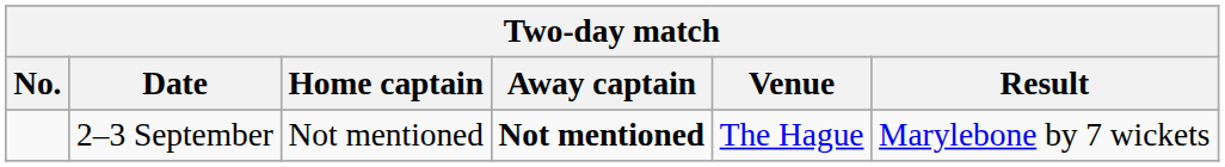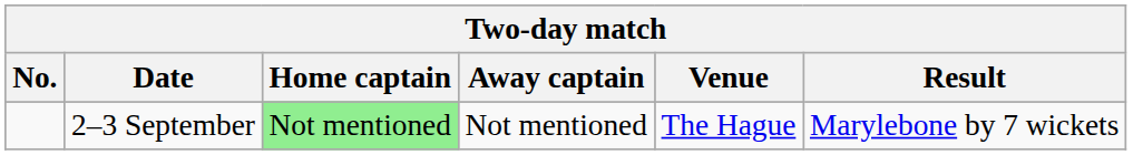 <table class="wikitable">
 <tr>
 <th colspan="9">Two-day match</th>
 </tr>
 <tr>
 <th>No.</th>
 <th>Date</th>
 <th>Home captain</th>
 <th>Away captain</th>
 <th>Venue</th>
 <th>Result</th>
 </tr>
 <tr>
 <td></td>
 <td>2–3 September</td>
+<td style="background: lightgreen;">Not mentioned</td>
 <td>Not mentioned</td>
-<td><strong>Not mentioned</strong></td>
 <td><a href='#'>The Hague</a></td>
 <td><a href='#'>Marylebone</a> by 7 wickets</td>
 </tr>
 </table>
